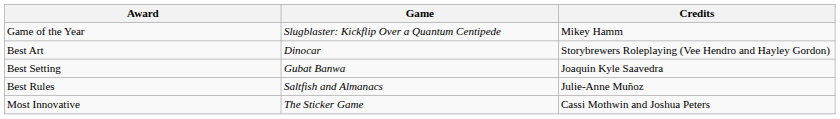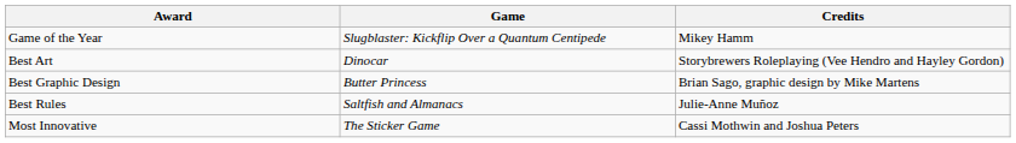 <table class="wikitable sortable" style="margins:auto; width=95%; font-size: 95%;">
 <tr>
 <th width="33%">Award</th>
 <th width="33%">Game</th>
 <th width="33%">Credits</th>
 </tr>
 <tr>
 <td>Game of the Year</td>
 <td><em>Slugblaster: Kickflip Over a Quantum Centipede</em></td>
 <td>Mikey Hamm</td>
 </tr>
 <tr>
 <td>Best Art</td>
 <td><em>Dinocar</em></td>
 <td>Storybrewers Roleplaying (Vee Hendro and Hayley Gordon)</td>
 </tr>
 <tr>
-<td>Best Setting</td>
-<td><em>Gubat Banwa</em></td>
-<td>Joaquin Kyle Saavedra</td>
+<td>Best Graphic Design</td>
+<td><em>Butter Princess</em></td>
+<td>Brian Sago, graphic design by Mike Martens</td>
 </tr>
 <tr>
 <td>Best Rules</td>
 <td><em>Saltfish and Almanacs</em></td>
 <td>Julie-Anne Muñoz</td>
 </tr>
 <tr>
 <td>Most Innovative</td>
 <td><em>The Sticker Game</em></td>
 <td>Cassi Mothwin and Joshua Peters</td>
 </tr>
 </table>
